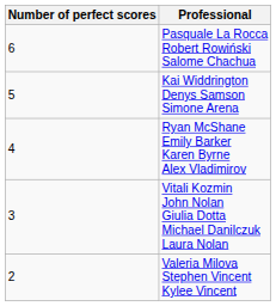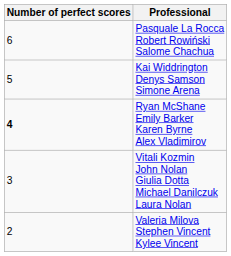 <table class="wikitable">
 <tr>
 <th>Number of perfect scores</th>
 <th>Professional</th>
 </tr>
 <tr>
 <td>6</td>
 <td><a href='#'>Pasquale La Rocca</a> <br> <a href='#'>Robert Rowiński</a> <br> <a href='#'>Salome Chachua</a></td>
 </tr>
 <tr>
 <td>5</td>
 <td><a href='#'>Kai Widdrington</a> <br> <a href='#'>Denys Samson</a> <br> <a href='#'>Simone Arena</a></td>
 </tr>
 <tr>
-<td>4</td>
+<td><strong>4</strong></td>
 <td><a href='#'>Ryan McShane</a> <br> <a href='#'>Emily Barker</a> <br> <a href='#'>Karen Byrne</a> <br> <a href='#'>Alex Vladimirov</a></td>
 </tr>
 <tr>
 <td>3</td>
 <td><a href='#'>Vitali Kozmin</a> <br> <a href='#'>John Nolan</a> <br> <a href='#'>Giulia Dotta</a> <br> <a href='#'>Michael Danilczuk</a> <br> <a href='#'>Laura Nolan</a></td>
 </tr>
 <tr>
 <td>2</td>
 <td><a href='#'>Valeria Milova</a><br><a href='#'>Stephen Vincent</a><br> <a href='#'>Kylee Vincent</a></td>
 </tr>
 </table>
